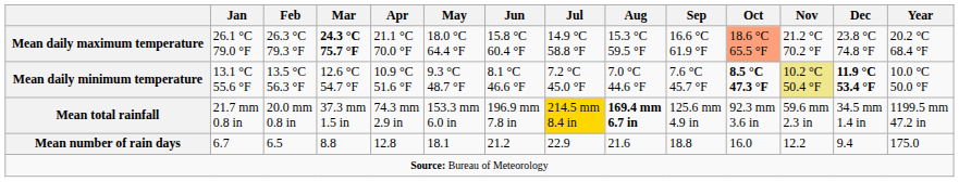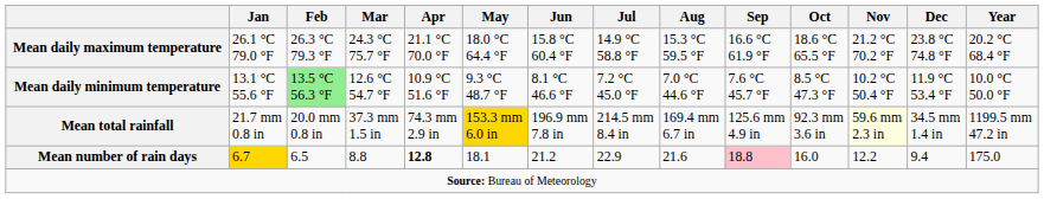 <table class="wikitable" style="width: 75%; margin: 0 auto 0 auto; font-size:80%;">
 <tr>
 <th></th>
 <th>Jan</th>
 <th>Feb</th>
 <th>Mar</th>
 <th>Apr</th>
 <th>May</th>
 <th>Jun</th>
 <th>Jul</th>
 <th>Aug</th>
 <th>Sep</th>
 <th>Oct</th>
 <th>Nov</th>
 <th>Dec</th>
 <th>Year</th>
 </tr>
 <tr>
 <th>Mean daily maximum temperature</th>
 <td>26.1 °C<br>79.0 °F</td>
 <td>26.3 °C<br>79.3 °F</td>
-<td><strong>24.3 °C<br>75.7 °F</strong></td>
+<td>24.3 °C<br>75.7 °F</td>
 <td>21.1 °C<br>70.0 °F</td>
 <td>18.0 °C<br>64.4 °F</td>
 <td>15.8 °C<br>60.4 °F</td>
 <td>14.9 °C<br>58.8 °F</td>
 <td>15.3 °C<br>59.5 °F</td>
 <td>16.6 °C<br>61.9 °F</td>
-<td style="background: lightsalmon;">18.6 °C<br>65.5 °F</td>
+<td>18.6 °C<br>65.5 °F</td>
 <td>21.2 °C<br>70.2 °F</td>
 <td>23.8 °C<br>74.8 °F</td>
 <td>20.2 °C<br>68.4 °F</td>
 </tr>
 <tr>
 <th>Mean daily minimum temperature</th>
 <td>13.1 °C<br>55.6 °F</td>
-<td>13.5 °C<br>56.3 °F</td>
+<td style="background: lightgreen;">13.5 °C<br>56.3 °F</td>
 <td>12.6 °C<br>54.7 °F</td>
 <td>10.9 °C<br>51.6 °F</td>
 <td>9.3 °C<br>48.7 °F</td>
 <td>8.1 °C<br>46.6 °F</td>
 <td>7.2 °C<br>45.0 °F</td>
 <td>7.0 °C<br>44.6 °F</td>
 <td>7.6 °C<br>45.7 °F</td>
-<td><strong>8.5 °C<br>47.3 °F</strong></td>
-<td style="background: khaki;">10.2 °C<br>50.4 °F</td>
-<td><strong>11.9 °C<br>53.4 °F</strong></td>
+<td>8.5 °C<br>47.3 °F</td>
+<td>10.2 °C<br>50.4 °F</td>
+<td>11.9 °C<br>53.4 °F</td>
 <td>10.0 °C<br>50.0 °F</td>
 </tr>
 <tr>
 <th>Mean total rainfall</th>
 <td>21.7 mm<br>0.8 in</td>
 <td>20.0 mm<br>0.8 in</td>
 <td>37.3 mm<br>1.5 in</td>
 <td>74.3 mm<br>2.9 in</td>
-<td>153.3 mm<br>6.0 in</td>
+<td style="background: gold;">153.3 mm<br>6.0 in</td>
 <td>196.9 mm<br>7.8 in</td>
-<td style="background: gold;">214.5 mm<br>8.4 in</td>
-<td><strong>169.4 mm<br>6.7 in</strong></td>
+<td>214.5 mm<br>8.4 in</td>
+<td>169.4 mm<br>6.7 in</td>
 <td>125.6 mm<br>4.9 in</td>
 <td>92.3 mm<br>3.6 in</td>
-<td>59.6 mm<br>2.3 in</td>
+<td style="background: lightyellow;">59.6 mm<br>2.3 in</td>
 <td>34.5 mm<br>1.4 in</td>
 <td>1199.5 mm<br>47.2 in</td>
 </tr>
 <tr>
 <th>Mean number of rain days</th>
-<td>6.7</td>
+<td style="background: gold;">6.7</td>
 <td>6.5</td>
 <td>8.8</td>
-<td>12.8</td>
+<td><strong>12.8</strong></td>
 <td>18.1</td>
 <td>21.2</td>
 <td>22.9</td>
 <td>21.6</td>
-<td>18.8</td>
+<td style="background: pink;">18.8</td>
 <td>16.0</td>
 <td>12.2</td>
 <td>9.4</td>
 <td>175.0</td>
 </tr>
 <tr>
 <td colspan="15" style="text-align: center;"><small><strong>Source:</strong> Bureau of Meteorology</small></td>
 </tr>
 </table>
